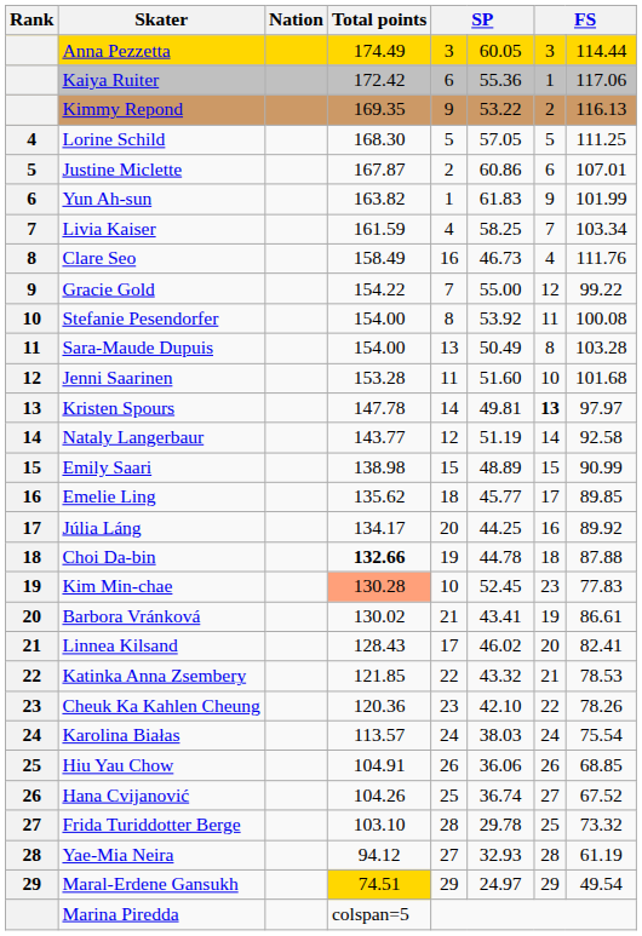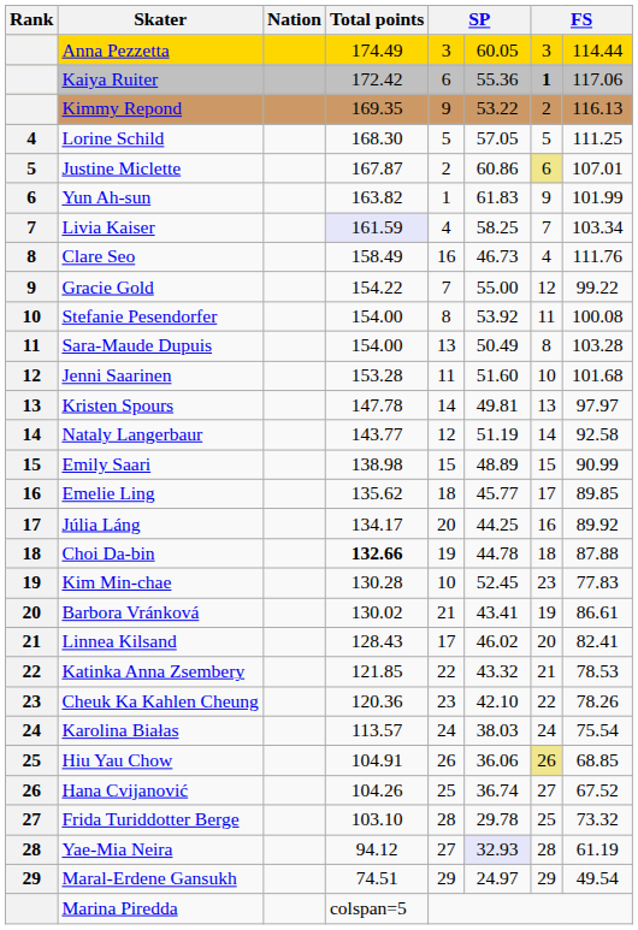 <table class="wikitable sortable" style="text-align:left">
 <tr>
 <th scope="col">Rank</th>
 <th scope="col">Skater</th>
 <th scope="col">Nation</th>
 <th scope="col">Total points</th>
 <th scope="col" colspan="2" width="80px"><a href='#'>SP</a></th>
 <th scope="col" colspan="2" width="80px"><a href='#'>FS</a></th>
 </tr>
 <tr bgcolor="gold">
 <th scope="row"></th>
 <td><a href='#'>Anna Pezzetta</a></td>
 <td></td>
 <td align="center">174.49</td>
 <td align="center">3</td>
 <td align="center">60.05</td>
 <td align="center">3</td>
 <td align="center">114.44</td>
 </tr>
 <tr bgcolor="silver">
 <th scope="row"></th>
 <td><a href='#'>Kaiya Ruiter</a></td>
 <td></td>
 <td align="center">172.42</td>
 <td align="center">6</td>
 <td align="center">55.36</td>
-<td align="center">1</td>
+<td align="center"><strong>1</strong></td>
 <td align="center">117.06</td>
 </tr>
 <tr bgcolor="cc9966">
 <th scope="row"></th>
 <td><a href='#'>Kimmy Repond</a></td>
 <td></td>
 <td align="center">169.35</td>
 <td align="center">9</td>
 <td align="center">53.22</td>
 <td align="center">2</td>
 <td align="center">116.13</td>
 </tr>
 <tr>
 <th scope="row">4</th>
 <td><a href='#'>Lorine Schild</a></td>
 <td></td>
 <td align="center">168.30</td>
 <td align="center">5</td>
 <td align="center">57.05</td>
 <td align="center">5</td>
 <td align="center">111.25</td>
 </tr>
 <tr>
 <th scope="row">5</th>
 <td><a href='#'>Justine Miclette</a></td>
 <td></td>
 <td align="center">167.87</td>
 <td align="center">2</td>
 <td align="center">60.86</td>
-<td align="center">6</td>
+<td align="center" style="background: khaki;">6</td>
 <td align="center">107.01</td>
 </tr>
 <tr>
 <th scope="row">6</th>
 <td><a href='#'>Yun Ah-sun</a></td>
 <td></td>
 <td align="center">163.82</td>
 <td align="center">1</td>
 <td align="center">61.83</td>
 <td align="center">9</td>
 <td align="center">101.99</td>
 </tr>
 <tr>
 <th scope="row">7</th>
 <td><a href='#'>Livia Kaiser</a></td>
 <td></td>
-<td align="center">161.59</td>
+<td align="center" style="background: lavender;">161.59</td>
 <td align="center">4</td>
 <td align="center">58.25</td>
 <td align="center">7</td>
 <td align="center">103.34</td>
 </tr>
 <tr>
 <th scope="row">8</th>
 <td><a href='#'>Clare Seo</a></td>
 <td></td>
 <td align="center">158.49</td>
 <td align="center">16</td>
 <td align="center">46.73</td>
 <td align="center">4</td>
 <td align="center">111.76</td>
 </tr>
 <tr>
 <th scope="row">9</th>
 <td><a href='#'>Gracie Gold</a></td>
 <td></td>
 <td align="center">154.22</td>
 <td align="center">7</td>
 <td align="center">55.00</td>
 <td align="center">12</td>
 <td align="center">99.22</td>
 </tr>
 <tr>
 <th scope="row">10</th>
 <td><a href='#'>Stefanie Pesendorfer</a></td>
 <td></td>
 <td align="center">154.00</td>
 <td align="center">8</td>
 <td align="center">53.92</td>
 <td align="center">11</td>
 <td align="center">100.08</td>
 </tr>
 <tr>
 <th scope="row">11</th>
 <td><a href='#'>Sara-Maude Dupuis</a></td>
 <td></td>
 <td align="center">154.00</td>
 <td align="center">13</td>
 <td align="center">50.49</td>
 <td align="center">8</td>
 <td align="center">103.28</td>
 </tr>
 <tr>
 <th scope="row">12</th>
 <td><a href='#'>Jenni Saarinen</a></td>
 <td></td>
 <td align="center">153.28</td>
 <td align="center">11</td>
 <td align="center">51.60</td>
 <td align="center">10</td>
 <td align="center">101.68</td>
 </tr>
 <tr>
 <th scope="row">13</th>
 <td><a href='#'>Kristen Spours</a></td>
 <td></td>
 <td align="center">147.78</td>
 <td align="center">14</td>
 <td align="center">49.81</td>
-<td align="center"><strong>13</strong></td>
+<td align="center">13</td>
 <td align="center">97.97</td>
 </tr>
 <tr>
 <th scope="row">14</th>
 <td><a href='#'>Nataly Langerbaur</a></td>
 <td></td>
 <td align="center">143.77</td>
 <td align="center">12</td>
 <td align="center">51.19</td>
 <td align="center">14</td>
 <td align="center">92.58</td>
 </tr>
 <tr>
 <th scope="row">15</th>
 <td><a href='#'>Emily Saari</a></td>
 <td></td>
 <td align="center">138.98</td>
 <td align="center">15</td>
 <td align="center">48.89</td>
 <td align="center">15</td>
 <td align="center">90.99</td>
 </tr>
 <tr>
 <th scope="row">16</th>
 <td><a href='#'>Emelie Ling</a></td>
 <td></td>
 <td align="center">135.62</td>
 <td align="center">18</td>
 <td align="center">45.77</td>
 <td align="center">17</td>
 <td align="center">89.85</td>
 </tr>
 <tr>
 <th scope="row">17</th>
 <td><a href='#'>Júlia Láng</a></td>
 <td></td>
 <td align="center">134.17</td>
 <td align="center">20</td>
 <td align="center">44.25</td>
 <td align="center">16</td>
 <td align="center">89.92</td>
 </tr>
 <tr>
 <th scope="row">18</th>
 <td><a href='#'>Choi Da-bin</a></td>
 <td></td>
 <td align="center"><strong>132.66</strong></td>
 <td align="center">19</td>
 <td align="center">44.78</td>
 <td align="center">18</td>
 <td align="center">87.88</td>
 </tr>
 <tr>
 <th scope="row">19</th>
 <td><a href='#'>Kim Min-chae</a></td>
 <td></td>
-<td align="center" style="background: lightsalmon;">130.28</td>
+<td align="center">130.28</td>
 <td align="center">10</td>
 <td align="center">52.45</td>
 <td align="center">23</td>
 <td align="center">77.83</td>
 </tr>
 <tr>
 <th scope="row">20</th>
 <td><a href='#'>Barbora Vránková</a></td>
 <td></td>
 <td align="center">130.02</td>
 <td align="center">21</td>
 <td align="center">43.41</td>
 <td align="center">19</td>
 <td align="center">86.61</td>
 </tr>
 <tr>
 <th scope="row">21</th>
 <td><a href='#'>Linnea Kilsand</a></td>
 <td></td>
 <td align="center">128.43</td>
 <td align="center">17</td>
 <td align="center">46.02</td>
 <td align="center">20</td>
 <td align="center">82.41</td>
 </tr>
 <tr>
 <th scope="row">22</th>
 <td><a href='#'>Katinka Anna Zsembery</a></td>
 <td></td>
 <td align="center">121.85</td>
 <td align="center">22</td>
 <td align="center">43.32</td>
 <td align="center">21</td>
 <td align="center">78.53</td>
 </tr>
 <tr>
 <th scope="row">23</th>
 <td><a href='#'>Cheuk Ka Kahlen Cheung</a></td>
 <td></td>
 <td align="center">120.36</td>
 <td align="center">23</td>
 <td align="center">42.10</td>
 <td align="center">22</td>
 <td align="center">78.26</td>
 </tr>
 <tr>
 <th scope="row">24</th>
 <td><a href='#'>Karolina Białas</a></td>
 <td></td>
 <td align="center">113.57</td>
 <td align="center">24</td>
 <td align="center">38.03</td>
 <td align="center">24</td>
 <td align="center">75.54</td>
 </tr>
 <tr>
 <th scope="row">25</th>
 <td><a href='#'>Hiu Yau Chow</a></td>
 <td></td>
 <td align="center">104.91</td>
 <td align="center">26</td>
 <td align="center">36.06</td>
-<td align="center">26</td>
+<td align="center" style="background: khaki;">26</td>
 <td align="center">68.85</td>
 </tr>
 <tr>
 <th scope="row">26</th>
 <td><a href='#'>Hana Cvijanović</a></td>
 <td></td>
 <td align="center">104.26</td>
 <td align="center">25</td>
 <td align="center">36.74</td>
 <td align="center">27</td>
 <td align="center">67.52</td>
 </tr>
 <tr>
 <th scope="row">27</th>
 <td><a href='#'>Frida Turiddotter Berge</a></td>
 <td></td>
 <td align="center">103.10</td>
 <td align="center">28</td>
 <td align="center">29.78</td>
 <td align="center">25</td>
 <td align="center">73.32</td>
 </tr>
 <tr>
 <th scope="row">28</th>
 <td><a href='#'>Yae-Mia Neira</a></td>
 <td></td>
 <td align="center">94.12</td>
 <td align="center">27</td>
-<td align="center">32.93</td>
+<td align="center" style="background: lavender;">32.93</td>
 <td align="center">28</td>
 <td align="center">61.19</td>
 </tr>
 <tr>
 <th scope="row">29</th>
 <td><a href='#'>Maral-Erdene Gansukh</a></td>
 <td></td>
-<td align="center" style="background: gold;">74.51</td>
+<td align="center">74.51</td>
 <td align="center">29</td>
 <td align="center">24.97</td>
 <td align="center">29</td>
 <td align="center">49.54</td>
 </tr>
 <tr>
 <th></th>
 <td><a href='#'>Marina Piredda</a></td>
 <td></td>
 <td>colspan=5 </td>
 </tr>
 </table>
